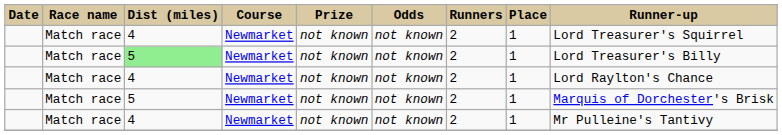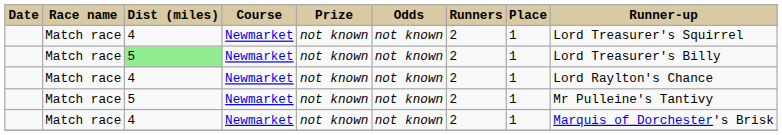 <table class = "wikitable sortable" | border="1" cellpadding="1" style=" text-align:centre; margin-left:1em; float:centre ;border-collapse: collapse; font-size:80%">
 <tr style="background:#dacaa4; text-align:center;">
 <th style="background:#dacaa4;">Date</th>
 <th style="background:#dacaa4;">Race name</th>
 <th style="background:#dacaa4;">Dist (miles)</th>
 <th style="background:#dacaa4;">Course</th>
 <th style="background:#dacaa4;">Prize</th>
 <th style="background:#dacaa4;">Odds</th>
 <th style="background:#dacaa4;">Runners</th>
 <th style="background:#dacaa4;">Place</th>
 <th style="background:#dacaa4;">Runner-up</th>
 </tr>
 <tr>
 <td></td>
 <td>Match race</td>
 <td>4</td>
 <td><a href='#'>Newmarket</a></td>
 <td><em>not known</em></td>
 <td><em>not known</em></td>
 <td>2</td>
 <td>1</td>
 <td>Lord Treasurer's Squirrel</td>
 </tr>
 <tr>
 <td></td>
 <td>Match race</td>
 <td style="background: lightgreen;">5</td>
 <td><a href='#'>Newmarket</a></td>
 <td><em>not known</em></td>
 <td><em>not known</em></td>
 <td>2</td>
 <td>1</td>
 <td>Lord Treasurer's Billy</td>
 </tr>
 <tr>
 <td></td>
 <td>Match race</td>
 <td>4</td>
 <td><a href='#'>Newmarket</a></td>
 <td><em>not known</em></td>
 <td><em>not known</em></td>
 <td>2</td>
 <td>1</td>
 <td>Lord Raylton's Chance</td>
 </tr>
 <tr>
 <td></td>
 <td>Match race</td>
 <td>5</td>
 <td><a href='#'>Newmarket</a></td>
 <td><em>not known</em></td>
 <td><em>not known</em></td>
 <td>2</td>
 <td>1</td>
-<td><a href='#'>Marquis of Dorchester</a>'s Brisk</td>
+<td>Mr Pulleine's Tantivy</td>
 </tr>
 <tr>
 <td></td>
 <td>Match race</td>
 <td>4</td>
 <td><a href='#'>Newmarket</a></td>
 <td><em>not known</em></td>
 <td><em>not known</em></td>
 <td>2</td>
 <td>1</td>
-<td>Mr Pulleine's Tantivy</td>
+<td><a href='#'>Marquis of Dorchester</a>'s Brisk</td>
 </tr>
 <tr>
 </tr>
 </table>
